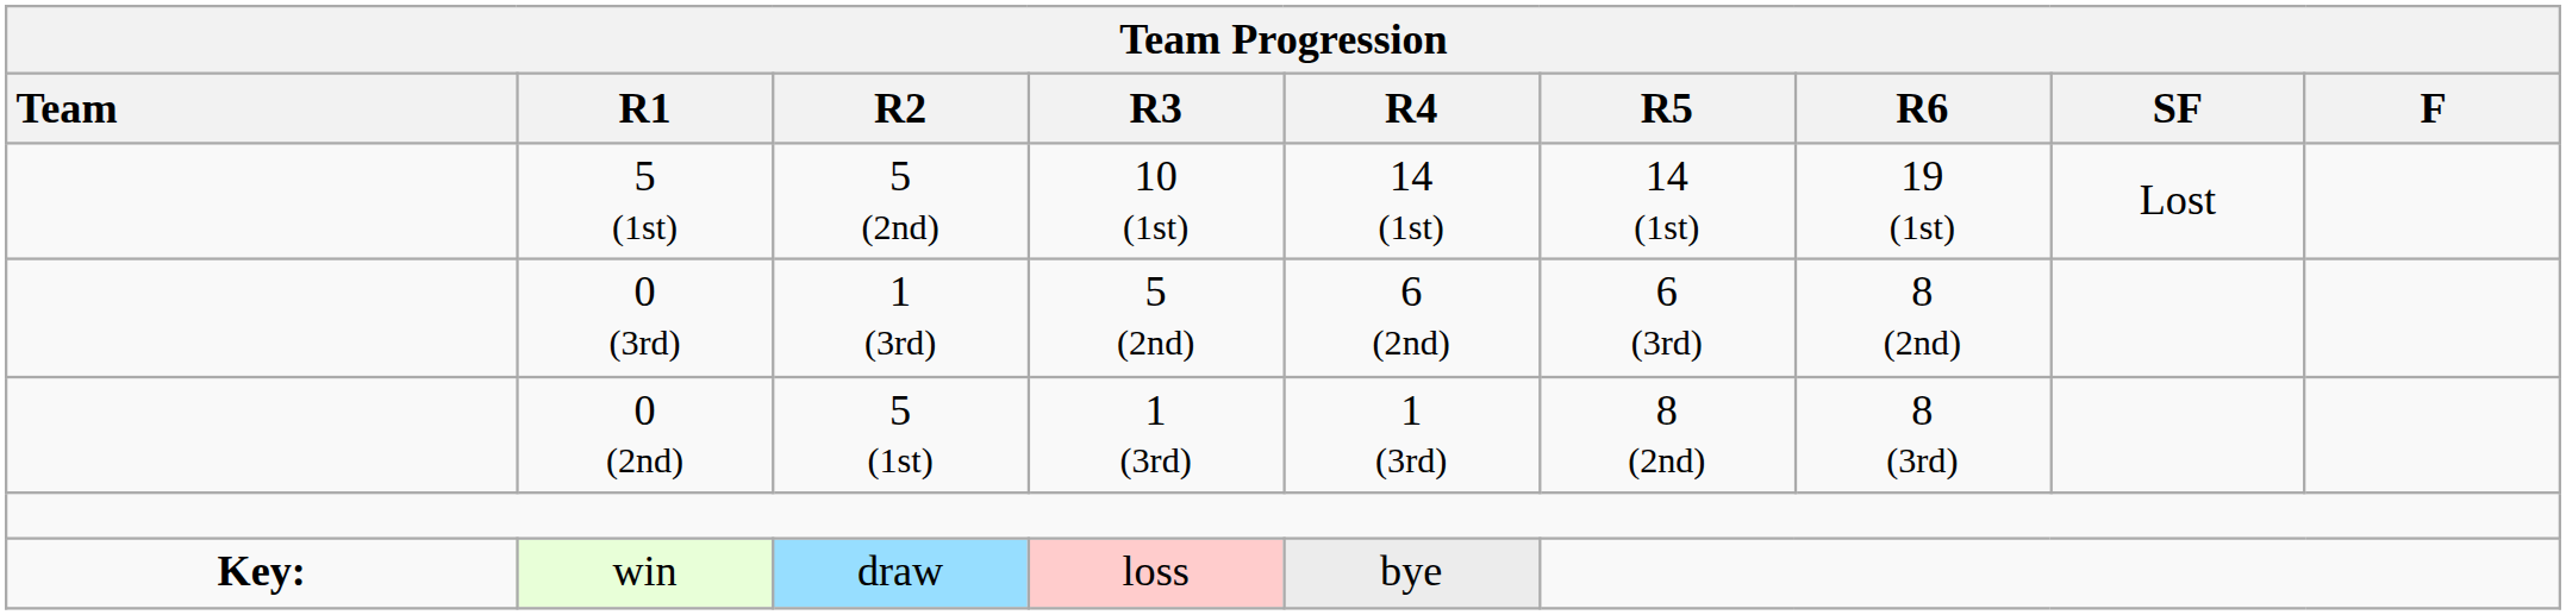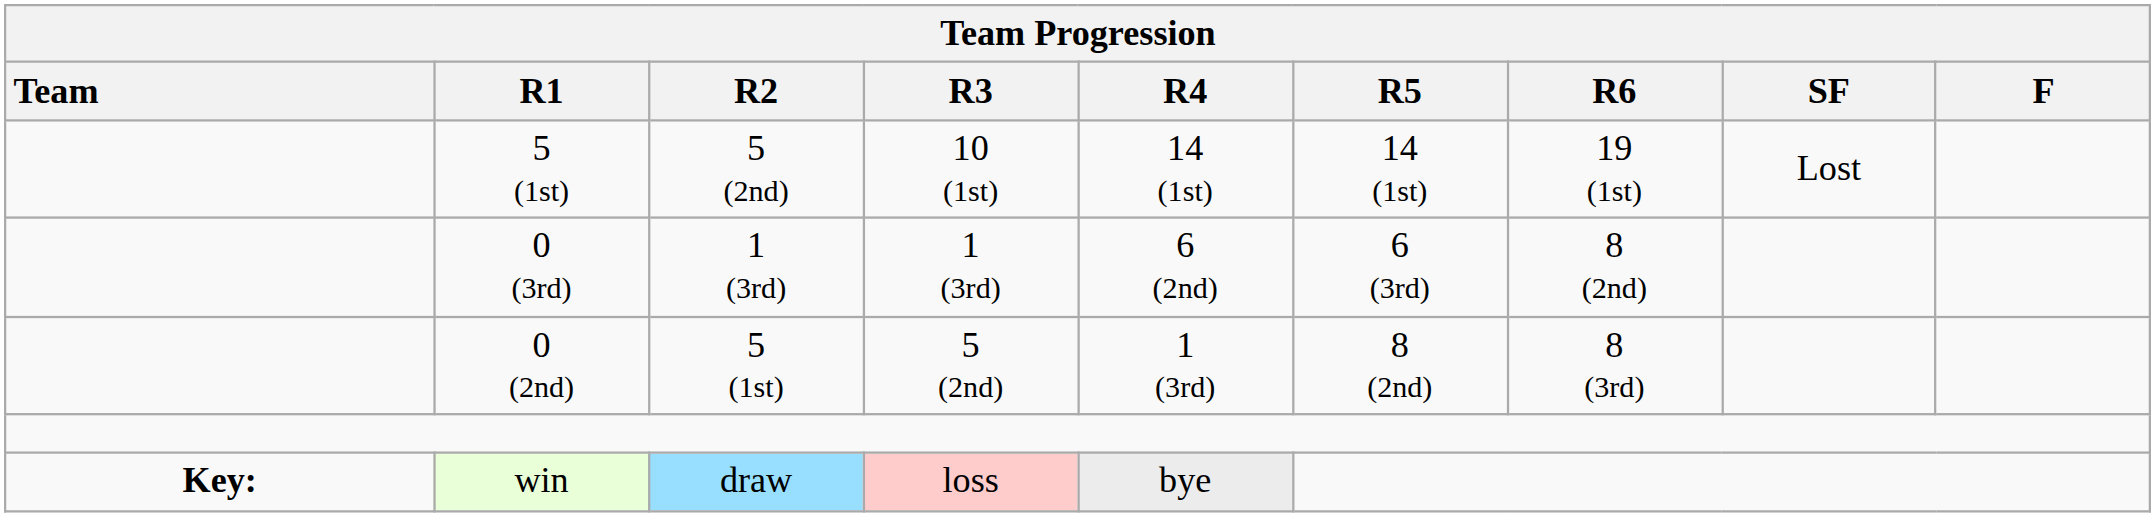 <table class="wikitable collapsible" style="text-align:center; font-size:100%; width:60%;">
 <tr>
 <th colspan="100%" cellpadding="0" cellspacing="0">Team Progression</th>
 </tr>
 <tr>
 <th style="text-align:left; width:20%;">Team</th>
 <th style="width:10%;">R1</th>
 <th style="width:10%;">R2</th>
 <th style="width:10%;">R3</th>
 <th style="width:10%;">R4</th>
 <th style="width:10%;">R5</th>
 <th style="width:10%;">R6</th>
 <th style="width:10%;">SF</th>
 <th style="width:10%;">F</th>
 </tr>
 <tr>
 <td style="text-align:left;"></td>
 <td>5 <br> <small>(1st)</small></td>
 <td>5 <br> <small>(2nd)</small></td>
 <td>10 <br> <small>(1st)</small></td>
 <td>14 <br> <small>(1st)</small></td>
 <td>14 <br> <small>(1st)</small></td>
 <td>19 <br> <small>(1st)</small></td>
 <td>Lost</td>
 <td> </td>
 </tr>
 <tr>
 <td style="text-align:left;"></td>
 <td>0 <br> <small>(3rd)</small></td>
 <td>1 <br> <small>(3rd)</small></td>
-<td>5 <br> <small>(2nd)</small></td>
+<td>1 <br> <small>(3rd)</small></td>
 <td>6 <br> <small>(2nd)</small></td>
 <td>6 <br> <small>(3rd)</small></td>
 <td>8 <br> <small>(2nd)</small></td>
 <td> </td>
 <td> </td>
 </tr>
 <tr>
 <td style="text-align:left;"></td>
 <td>0 <br> <small>(2nd)</small></td>
 <td>5 <br> <small>(1st)</small></td>
-<td>1 <br> <small>(3rd)</small></td>
+<td>5 <br> <small>(2nd)</small></td>
 <td>1 <br> <small>(3rd)</small></td>
 <td>8 <br> <small>(2nd)</small></td>
 <td>8 <br> <small>(3rd)</small></td>
 <td> </td>
 <td> </td>
 </tr>
 <tr>
 <td colspan="100%" style="text-align:center; height: 10px;"></td>
 </tr>
 <tr>
 <td><strong>Key:</strong></td>
 <td style="background:#E8FFD8;">win</td>
 <td style="background:#97DEFF;">draw</td>
 <td style="background:#FFCCCC;">loss</td>
 <td style="background:#ECECEC;">bye</td>
 <td colspan="100%"></td>
 </tr>
 </table>
